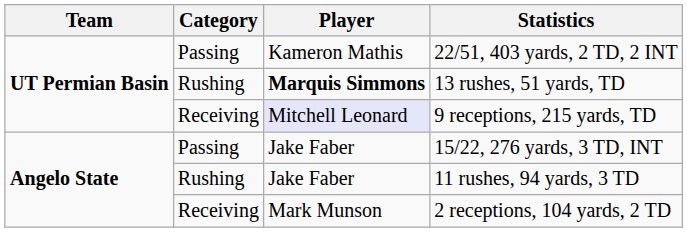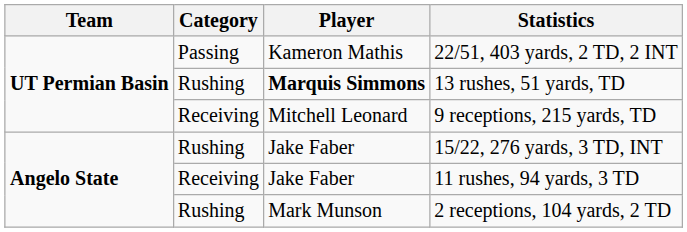 <table class="wikitable" style="float: right;">
 <tr>
 <th>Team</th>
 <th>Category</th>
 <th>Player</th>
 <th>Statistics</th>
 </tr>
 <tr>
 <td rowspan=3><strong>UT Permian Basin</strong></td>
 <td>Passing</td>
 <td>Kameron Mathis</td>
 <td>22/51, 403 yards, 2 TD, 2 INT</td>
 </tr>
 <tr>
 <td>Rushing</td>
 <td><strong>Marquis Simmons</strong></td>
 <td>13 rushes, 51 yards, TD</td>
 </tr>
 <tr>
 <td>Receiving</td>
-<td style="background: lavender;">Mitchell Leonard</td>
+<td>Mitchell Leonard</td>
 <td>9 receptions, 215 yards, TD</td>
 </tr>
 <tr>
 <td rowspan=3><strong>Angelo State</strong></td>
-<td>Passing</td>
+<td>Rushing</td>
 <td>Jake Faber</td>
 <td>15/22, 276 yards, 3 TD, INT</td>
 </tr>
 <tr>
-<td>Rushing</td>
+<td>Receiving</td>
 <td>Jake Faber</td>
 <td>11 rushes, 94 yards, 3 TD</td>
 </tr>
 <tr>
-<td>Receiving</td>
+<td>Rushing</td>
 <td>Mark Munson</td>
 <td>2 receptions, 104 yards, 2 TD</td>
 </tr>
 </table>
